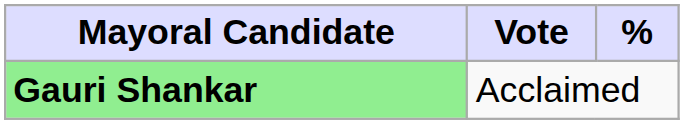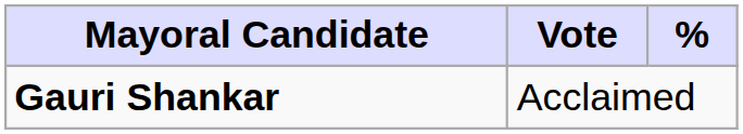 <table class="wikitable">
 <tr>
 <th style="background:#ddf; width:200px;">Mayoral Candidate</th>
 <th style="background:#ddf; width:50px;">Vote</th>
 <th style="background:#ddf; width:30px;">%</th>
 </tr>
 <tr>
-<td style="background: lightgreen;"><strong>Gauri Shankar</strong></td>
+<td><strong>Gauri Shankar</strong></td>
 <td colspan="2">Acclaimed</td>
 </tr>
 </table>
